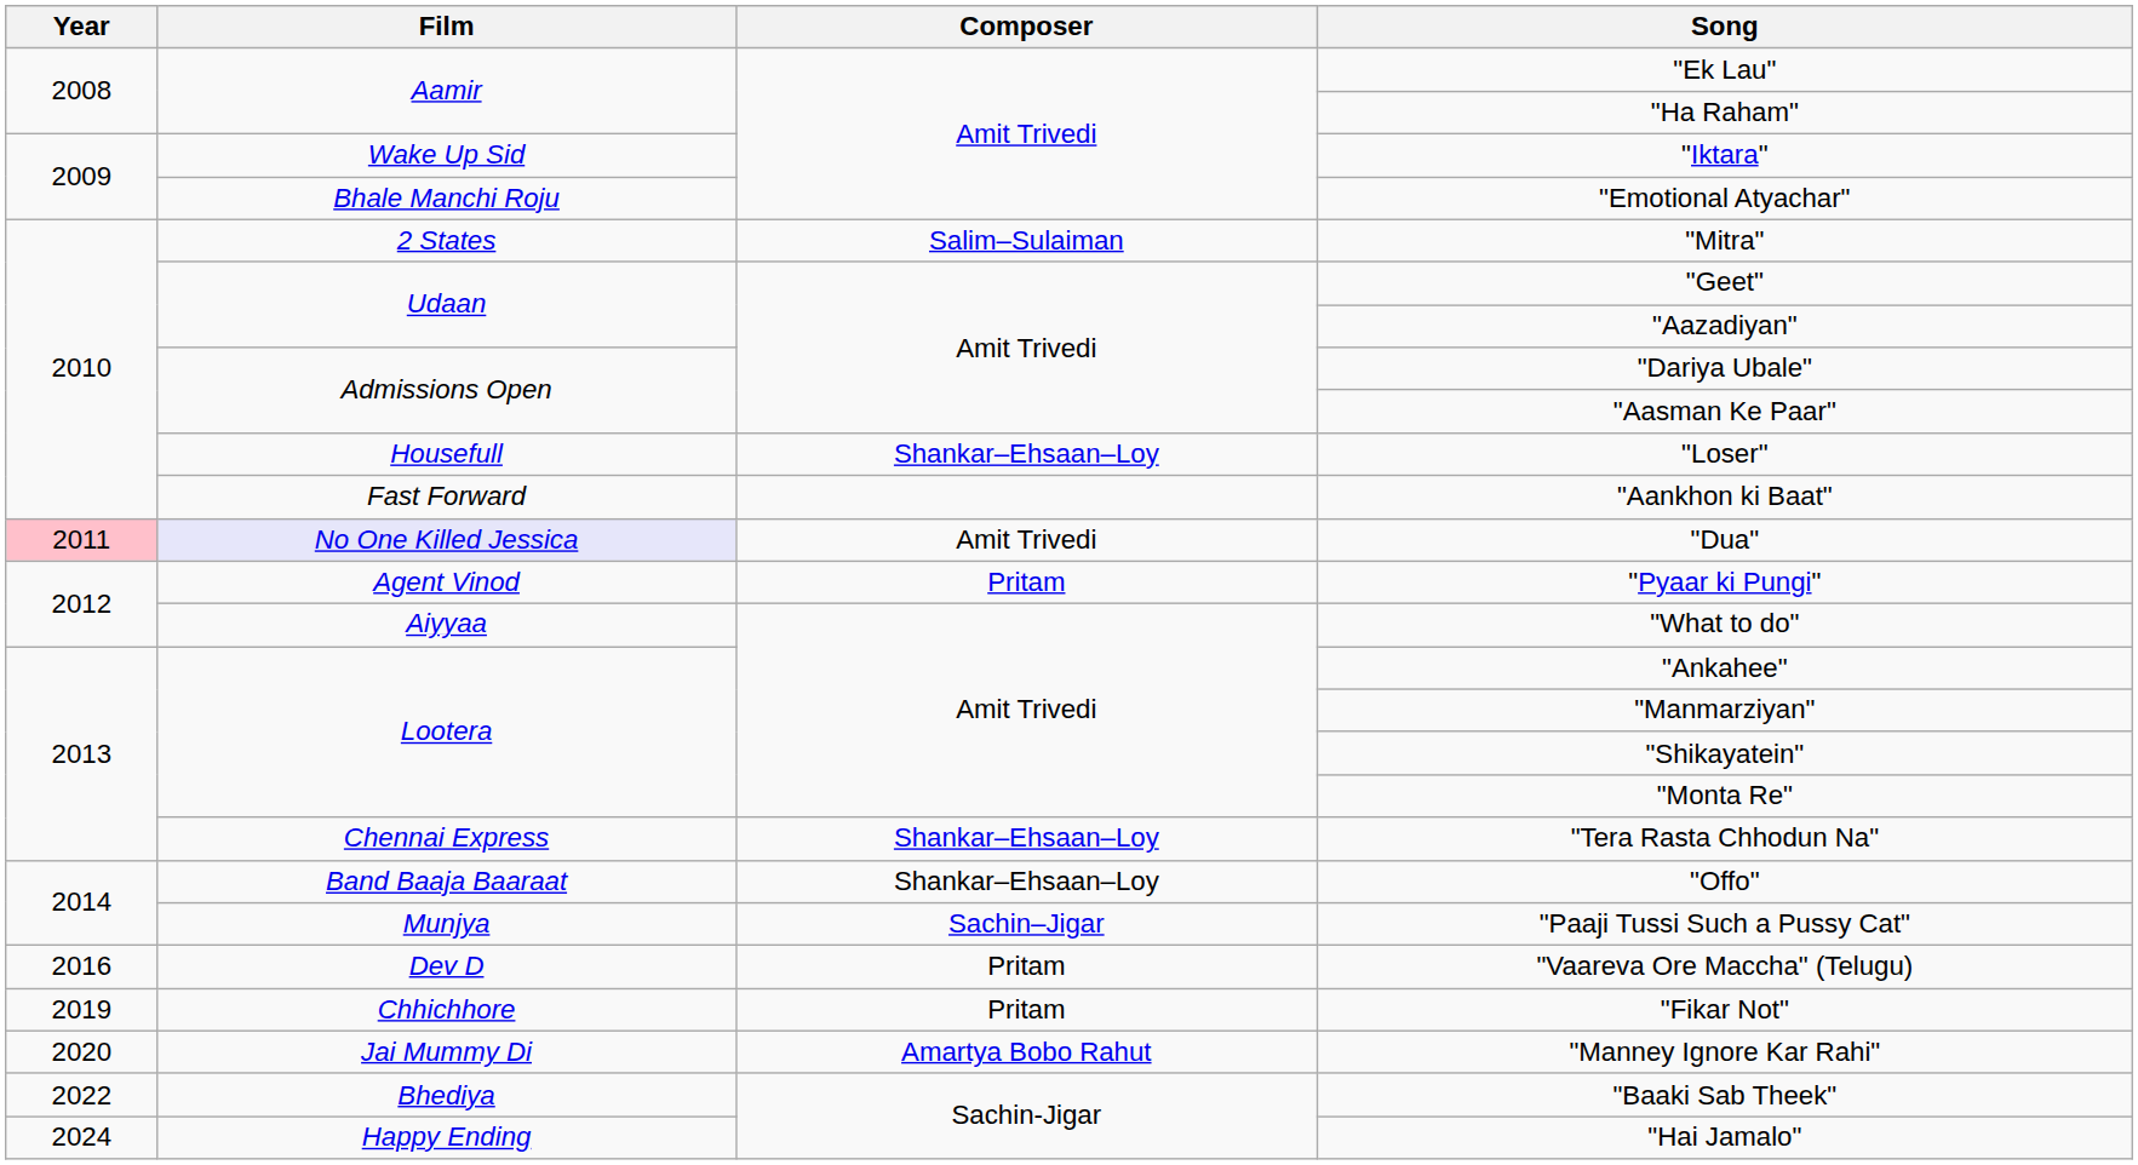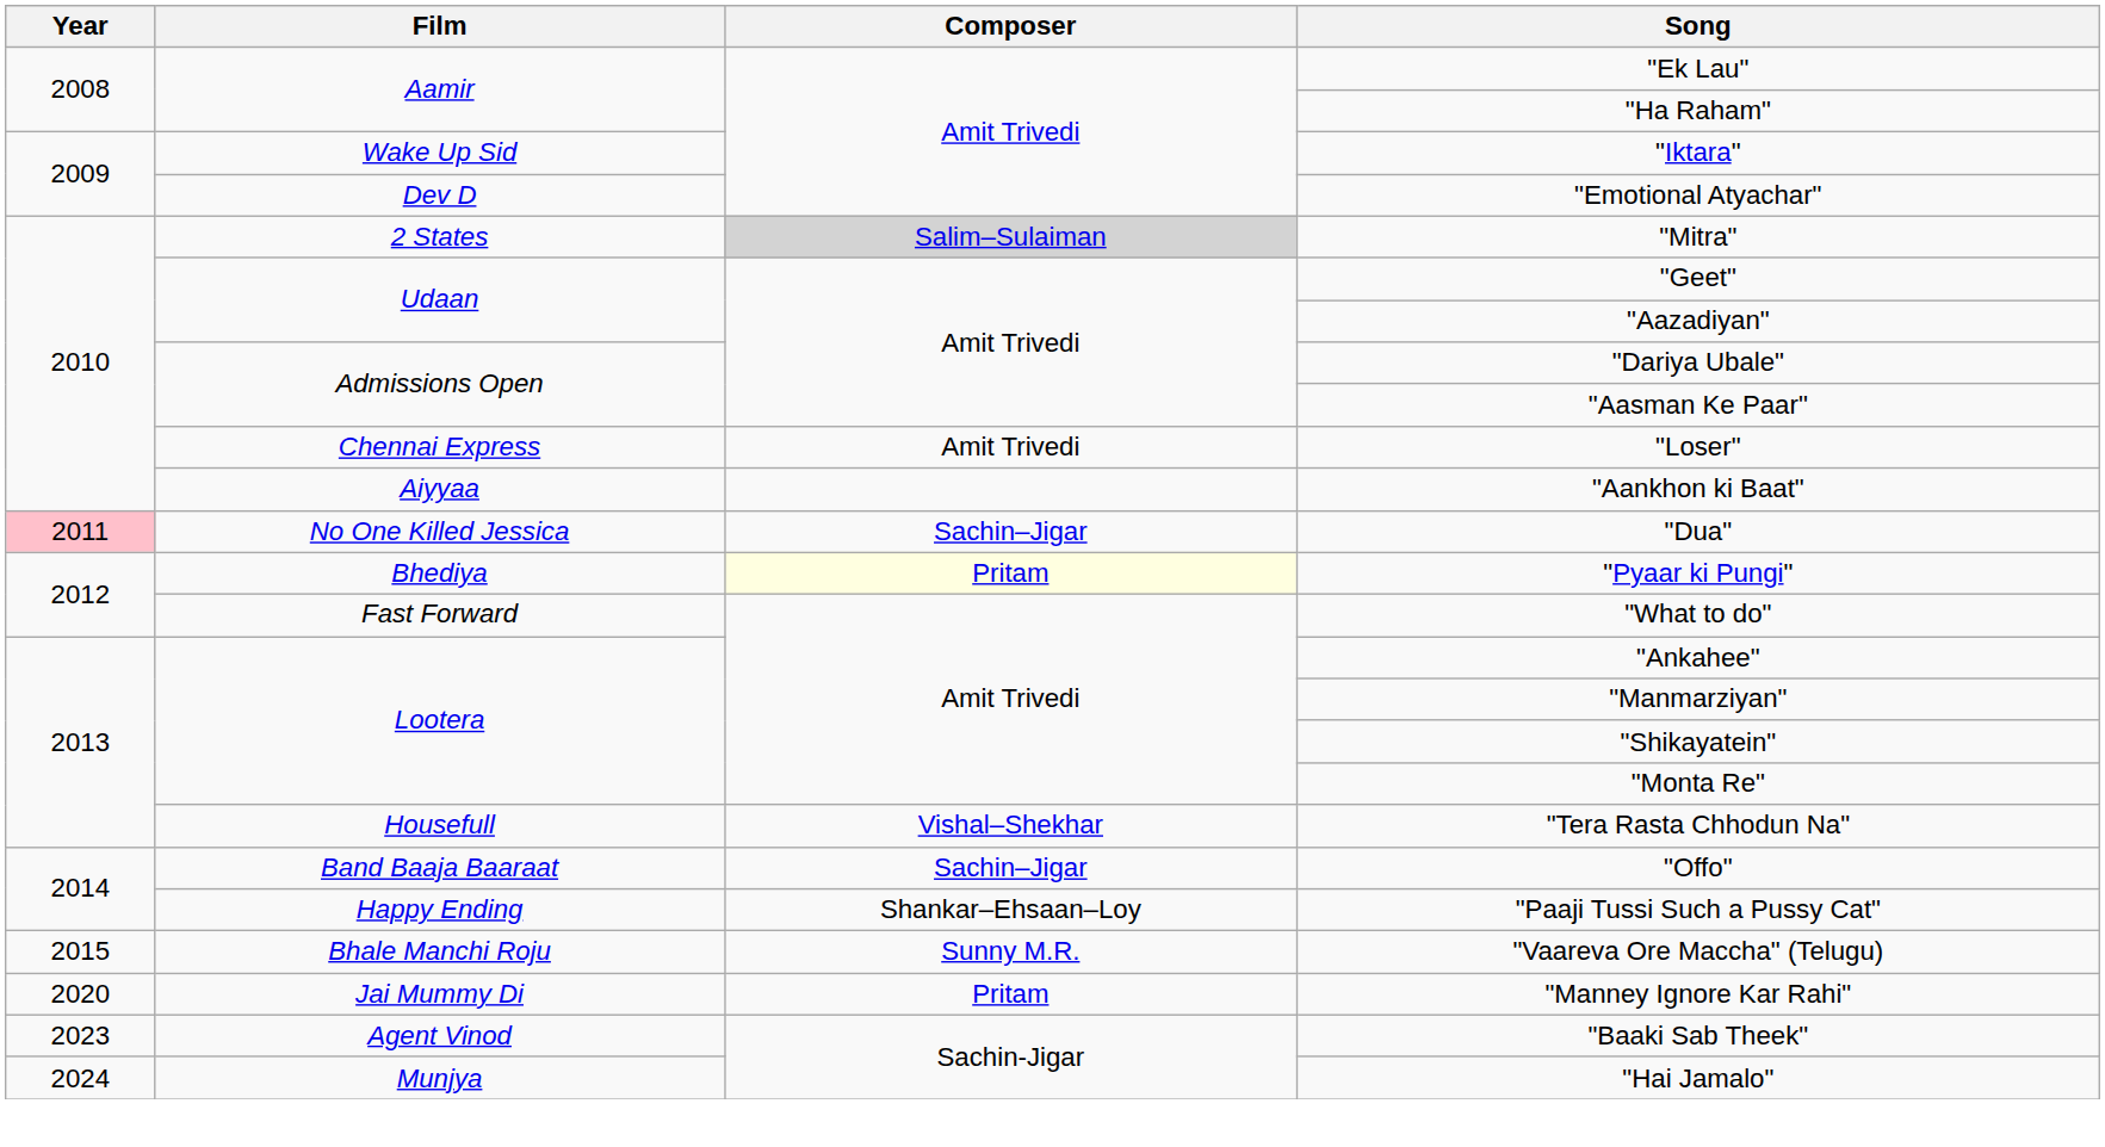 <table class="wikitable" style="width: 100%; text-align: center;">
 <tr style="background:#ccc; text-align:center;">
 <th>Year</th>
 <th>Film</th>
 <th>Composer</th>
 <th>Song</th>
 </tr>
 <tr>
 <td rowspan=2>2008</td>
 <td rowspan=2><em><a href='#'>Aamir</a></em></td>
 <td rowspan=4><a href='#'>Amit Trivedi</a></td>
 <td>"Ek Lau"</td>
 </tr>
 <tr>
 <td>"Ha Raham"</td>
 </tr>
 <tr>
 <td rowspan=2>2009</td>
 <td><em><a href='#'>Wake Up Sid</a></em></td>
 <td>"<a href='#'>Iktara</a>"</td>
 </tr>
 <tr>
-<td><em><a href='#'>Bhale Manchi Roju</a></em></td>
+<td><em><a href='#'>Dev D</a></em></td>
 <td>"Emotional Atyachar"</td>
 </tr>
 <tr>
 <td rowspan=7>2010</td>
 <td><em><a href='#'>2 States</a></em></td>
-<td><a href='#'>Salim–Sulaiman</a></td>
+<td style="background: lightgrey;"><a href='#'>Salim–Sulaiman</a></td>
 <td>"Mitra"</td>
 </tr>
 <tr>
 <td rowspan=2><em><a href='#'>Udaan</a></em></td>
 <td rowspan=4>Amit Trivedi</td>
 <td>"Geet"</td>
 </tr>
 <tr>
 <td>"Aazadiyan"</td>
 </tr>
 <tr>
 <td rowspan =2><em>Admissions Open</em></td>
 <td>"Dariya Ubale"</td>
 </tr>
 <tr>
 <td>"Aasman Ke Paar"</td>
 </tr>
 <tr>
-<td><em><a href='#'>Housefull</a></em></td>
-<td><a href='#'>Shankar–Ehsaan–Loy</a></td>
+<td><em><a href='#'>Chennai Express</a></em></td>
+<td>Amit Trivedi</td>
 <td>"Loser"</td>
 </tr>
 <tr>
-<td><em>Fast Forward</em></td>
+<td><em><a href='#'>Aiyyaa</a></em></td>
 <td></td>
 <td>"Aankhon ki Baat"</td>
 </tr>
 <tr>
 <td style="background: pink;">2011</td>
-<td style="background: lavender;"><em><a href='#'>No One Killed Jessica</a></em></td>
-<td>Amit Trivedi</td>
+<td><em><a href='#'>No One Killed Jessica</a></em></td>
+<td><a href='#'>Sachin–Jigar</a></td>
 <td>"Dua"</td>
 </tr>
 <tr>
 <td rowspan=2>2012</td>
-<td><em><a href='#'>Agent Vinod</a></em></td>
-<td><a href='#'>Pritam</a></td>
+<td><em><a href='#'>Bhediya</a></em></td>
+<td style="background: lightyellow;"><a href='#'>Pritam</a></td>
 <td>"<a href='#'>Pyaar ki Pungi</a>"</td>
 </tr>
 <tr>
-<td><em><a href='#'>Aiyyaa</a></em></td>
+<td><em>Fast Forward</em></td>
 <td rowspan=5>Amit Trivedi</td>
 <td>"What to do"</td>
 </tr>
 <tr>
 <td rowspan=5>2013</td>
 <td rowspan=4><em><a href='#'>Lootera</a></em></td>
 <td>"Ankahee"</td>
 </tr>
 <tr>
 <td>"Manmarziyan"</td>
 </tr>
 <tr>
 <td>"Shikayatein"</td>
 </tr>
 <tr>
 <td>"Monta Re"</td>
 </tr>
 <tr>
-<td><em><a href='#'>Chennai Express</a></em></td>
-<td><a href='#'>Shankar–Ehsaan–Loy</a></td>
+<td><em><a href='#'>Housefull</a></em></td>
+<td><a href='#'>Vishal–Shekhar</a></td>
 <td>"Tera Rasta Chhodun Na"</td>
 </tr>
 <tr>
 <td rowspan=2>2014</td>
 <td><em><a href='#'>Band Baaja Baaraat</a></em></td>
-<td>Shankar–Ehsaan–Loy</td>
+<td><a href='#'>Sachin–Jigar</a></td>
 <td>"Offo"</td>
 </tr>
 <tr>
-<td><em><a href='#'>Munjya</a></em></td>
-<td><a href='#'>Sachin–Jigar</a></td>
+<td><em><a href='#'>Happy Ending</a></em></td>
+<td>Shankar–Ehsaan–Loy</td>
 <td>"Paaji Tussi Such a Pussy Cat"</td>
 </tr>
 <tr>
-<td>2016</td>
-<td><em><a href='#'>Dev D</a></em></td>
-<td>Pritam</td>
+<td>2015</td>
+<td><em><a href='#'>Bhale Manchi Roju</a></em></td>
+<td><a href='#'>Sunny M.R.</a></td>
 <td>"Vaareva Ore Maccha" (Telugu)</td>
-</tr>
-<tr>
-<td>2019</td>
-<td><em><a href='#'>Chhichhore</a></em></td>
-<td>Pritam</td>
-<td>"Fikar Not"</td>
 </tr>
 <tr>
 <td>2020</td>
 <td><em><a href='#'>Jai Mummy Di</a></em></td>
-<td><a href='#'>Amartya Bobo Rahut</a></td>
+<td><a href='#'>Pritam</a></td>
 <td>"Manney Ignore Kar Rahi"</td>
 </tr>
 <tr>
-<td>2022</td>
-<td><em><a href='#'>Bhediya</a></em></td>
+<td>2023</td>
+<td><em><a href='#'>Agent Vinod</a></em></td>
 <td rowspan=2>Sachin-Jigar</td>
 <td>"Baaki Sab Theek"</td>
 </tr>
 <tr>
 <td>2024</td>
-<td><em><a href='#'>Happy Ending</a></em></td>
+<td><em><a href='#'>Munjya</a></em></td>
 <td>"Hai Jamalo"</td>
 </tr>
 </table>
